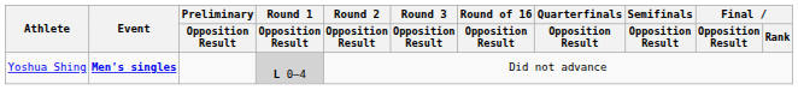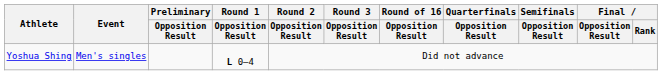 <table class="wikitable" style="font-size:90%;">
 <tr>
 <th rowspan=2>Athlete</th>
 <th rowspan=2>Event</th>
 <th>Preliminary</th>
 <th>Round 1</th>
 <th>Round 2</th>
 <th>Round 3</th>
 <th>Round of 16</th>
 <th>Quarterfinals</th>
 <th>Semifinals</th>
 <th colspan=2>Final / </th>
 </tr>
 <tr style="font-size:95%">
 <th>Opposition<br>Result</th>
 <th>Opposition<br>Result</th>
 <th>Opposition<br>Result</th>
 <th>Opposition<br>Result</th>
 <th>Opposition<br>Result</th>
 <th>Opposition<br>Result</th>
 <th>Opposition<br>Result</th>
 <th>Opposition<br>Result</th>
 <th>Rank</th>
 </tr>
 <tr align=center>
 <td align=left><a href='#'>Yoshua Shing</a></td>
-<td align=left><strong><a href='#'>Men's singles</a></strong></td>
+<td align=left><a href='#'>Men's singles</a></td>
 <td></td>
-<td style="background: lightgrey;"><br><strong>L</strong> 0–4</td>
+<td><br><strong>L</strong> 0–4</td>
 <td colspan=7>Did not advance</td>
 </tr>
 </table>
